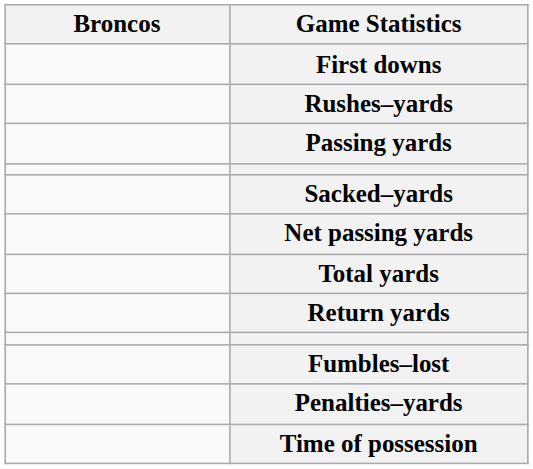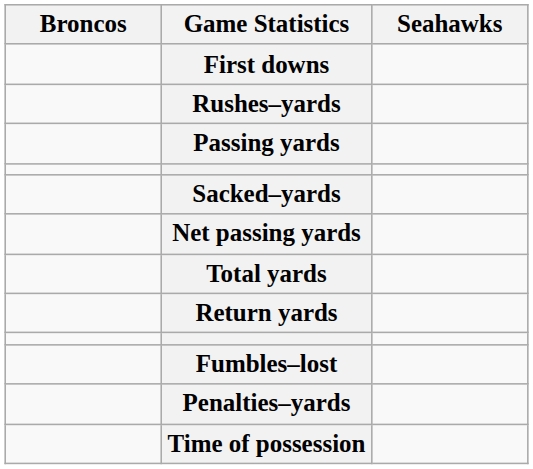 <table class="wikitable" style="margin: 1em auto 1em auto">
 <tr>
 <th style="width:30%;">Broncos</th>
 <th style="width:40%;">Game Statistics</th>
+<th style="width:30%;">Seahawks</th>
 </tr>
 <tr>
 <td style="text-align:right;"></td>
 <th>First downs</th>
+<td></td>
 </tr>
 <tr>
 <td style="text-align:right;"></td>
 <th>Rushes–yards</th>
+<td></td>
 </tr>
 <tr>
 <td style="text-align:right;"></td>
 <th>Passing yards</th>
+<td></td>
 </tr>
 <tr>
 <td style="text-align:right;"></td>
 <th></th>
+<td></td>
 </tr>
 <tr>
 <td style="text-align:right;"></td>
 <th>Sacked–yards</th>
+<td></td>
 </tr>
 <tr>
 <td style="text-align:right;"></td>
 <th>Net passing yards</th>
+<td></td>
 </tr>
 <tr>
 <td style="text-align:right;"></td>
 <th>Total yards</th>
+<td></td>
 </tr>
 <tr>
 <td style="text-align:right;"></td>
 <th>Return yards</th>
+<td></td>
 </tr>
 <tr>
 <td style="text-align:right;"></td>
 <th></th>
+<td></td>
 </tr>
 <tr>
 <td style="text-align:right;"></td>
 <th>Fumbles–lost</th>
+<td></td>
 </tr>
 <tr>
 <td style="text-align:right;"></td>
 <th>Penalties–yards</th>
+<td></td>
 </tr>
 <tr>
 <td style="text-align:right;"></td>
 <th>Time of possession</th>
+<td></td>
 </tr>
 </table>
